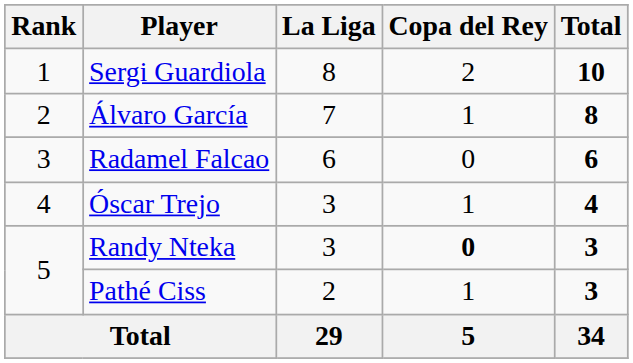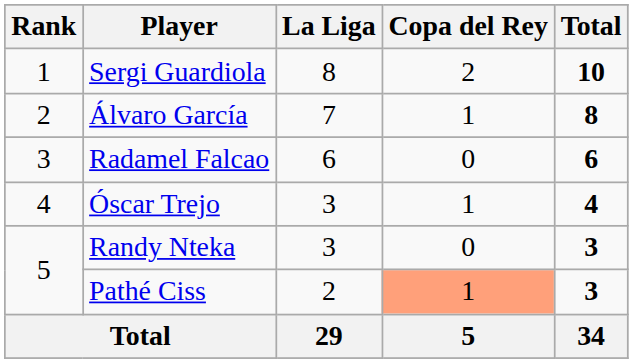 <table class="wikitable" style="text-align:center;">
 <tr>
 <th>Rank</th>
 <th>Player</th>
 <th>La Liga</th>
 <th>Copa del Rey</th>
 <th>Total</th>
 </tr>
 <tr>
 <td>1</td>
 <td align=left> <a href='#'>Sergi Guardiola</a></td>
 <td>8</td>
 <td>2</td>
 <td><strong>10</strong></td>
 </tr>
 <tr>
 <td>2</td>
 <td align=left> <a href='#'>Álvaro García</a></td>
 <td>7</td>
 <td>1</td>
 <td><strong>8</strong></td>
 </tr>
 <tr>
 <td>3</td>
 <td align=left> <a href='#'>Radamel Falcao</a></td>
 <td>6</td>
 <td>0</td>
 <td><strong>6</strong></td>
 </tr>
 <tr>
 <td>4</td>
 <td align=left> <a href='#'>Óscar Trejo</a></td>
 <td>3</td>
 <td>1</td>
 <td><strong>4</strong></td>
 </tr>
 <tr>
 <td rowspan=2>5</td>
 <td align=left> <a href='#'>Randy Nteka</a></td>
 <td>3</td>
-<td><strong>0</strong></td>
+<td>0</td>
 <td><strong>3</strong></td>
 </tr>
 <tr>
 <td align=left> <a href='#'>Pathé Ciss</a></td>
 <td>2</td>
-<td>1</td>
+<td style="background: lightsalmon;">1</td>
 <td><strong>3</strong></td>
 </tr>
 <tr>
 <th colspan=2>Total</th>
 <th>29</th>
 <th>5</th>
 <th>34</th>
 </tr>
 </table>
